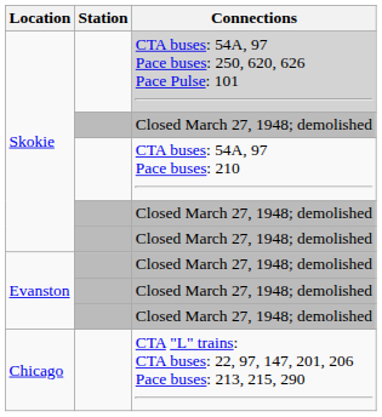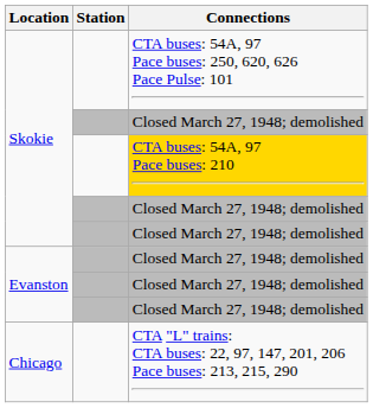 <table class="wikitable plainrowheaders" align=center>
 <tr>
 <th scope="col">Location</th>
 <th scope="col">Station</th>
 <th scope="col">Connections</th>
 </tr>
 <tr>
 <td rowspan="5"><a href='#'>Skokie</a></td>
 <td>  </td>
-<td style="background: lightgrey;"> <a href='#'>CTA buses</a>: 54A, 97<br> <a href='#'>Pace buses</a>: 250, 620, 626<br> <a href='#'>Pace Pulse</a>: 101 <hr> </td>
+<td> <a href='#'>CTA buses</a>: 54A, 97<br> <a href='#'>Pace buses</a>: 250, 620, 626<br> <a href='#'>Pace Pulse</a>: 101 <hr> </td>
 </tr>
 <tr>
 <th scope="row" style="background-color: #bbb"></th>
 <td style="background-color: #bbb">Closed March 27, 1948; demolished</td>
 </tr>
 <tr>
 <td> </td>
-<td> <a href='#'>CTA buses</a>: 54A, 97<br> <a href='#'>Pace buses</a>: 210 <hr> </td>
+<td style="background: gold;"> <a href='#'>CTA buses</a>: 54A, 97<br> <a href='#'>Pace buses</a>: 210 <hr> </td>
 </tr>
 <tr>
 <th scope="row" style="background-color: #bbb"></th>
 <td style="background-color: #bbb">Closed March 27, 1948; demolished</td>
 </tr>
 <tr>
 <th scope="row" style="background-color: #bbb"></th>
 <td style="background-color: #bbb">Closed March 27, 1948; demolished</td>
 </tr>
 <tr>
 <td rowspan="3"><a href='#'>Evanston</a></td>
 <th scope="row" style="background-color: #bbb"></th>
 <td style="background-color: #bbb">Closed March 27, 1948; demolished</td>
 </tr>
 <tr>
 <th scope="row" style="background-color: #bbb"></th>
 <td style="background-color: #bbb">Closed March 27, 1948; demolished</td>
 </tr>
 <tr>
 <th scope="row" style="background-color: #bbb"></th>
 <td style="background-color: #bbb">Closed March 27, 1948; demolished</td>
 </tr>
 <tr>
 <td><a href='#'>Chicago</a></td>
 <td>  </td>
 <td> <a href='#'>CTA</a> <a href='#'>"L" trains</a>:  <br> <a href='#'>CTA buses</a>: 22, 97, 147, 201, 206<br> <a href='#'>Pace buses</a>: 213, 215, 290 <hr> </td>
 </tr>
 </table>
